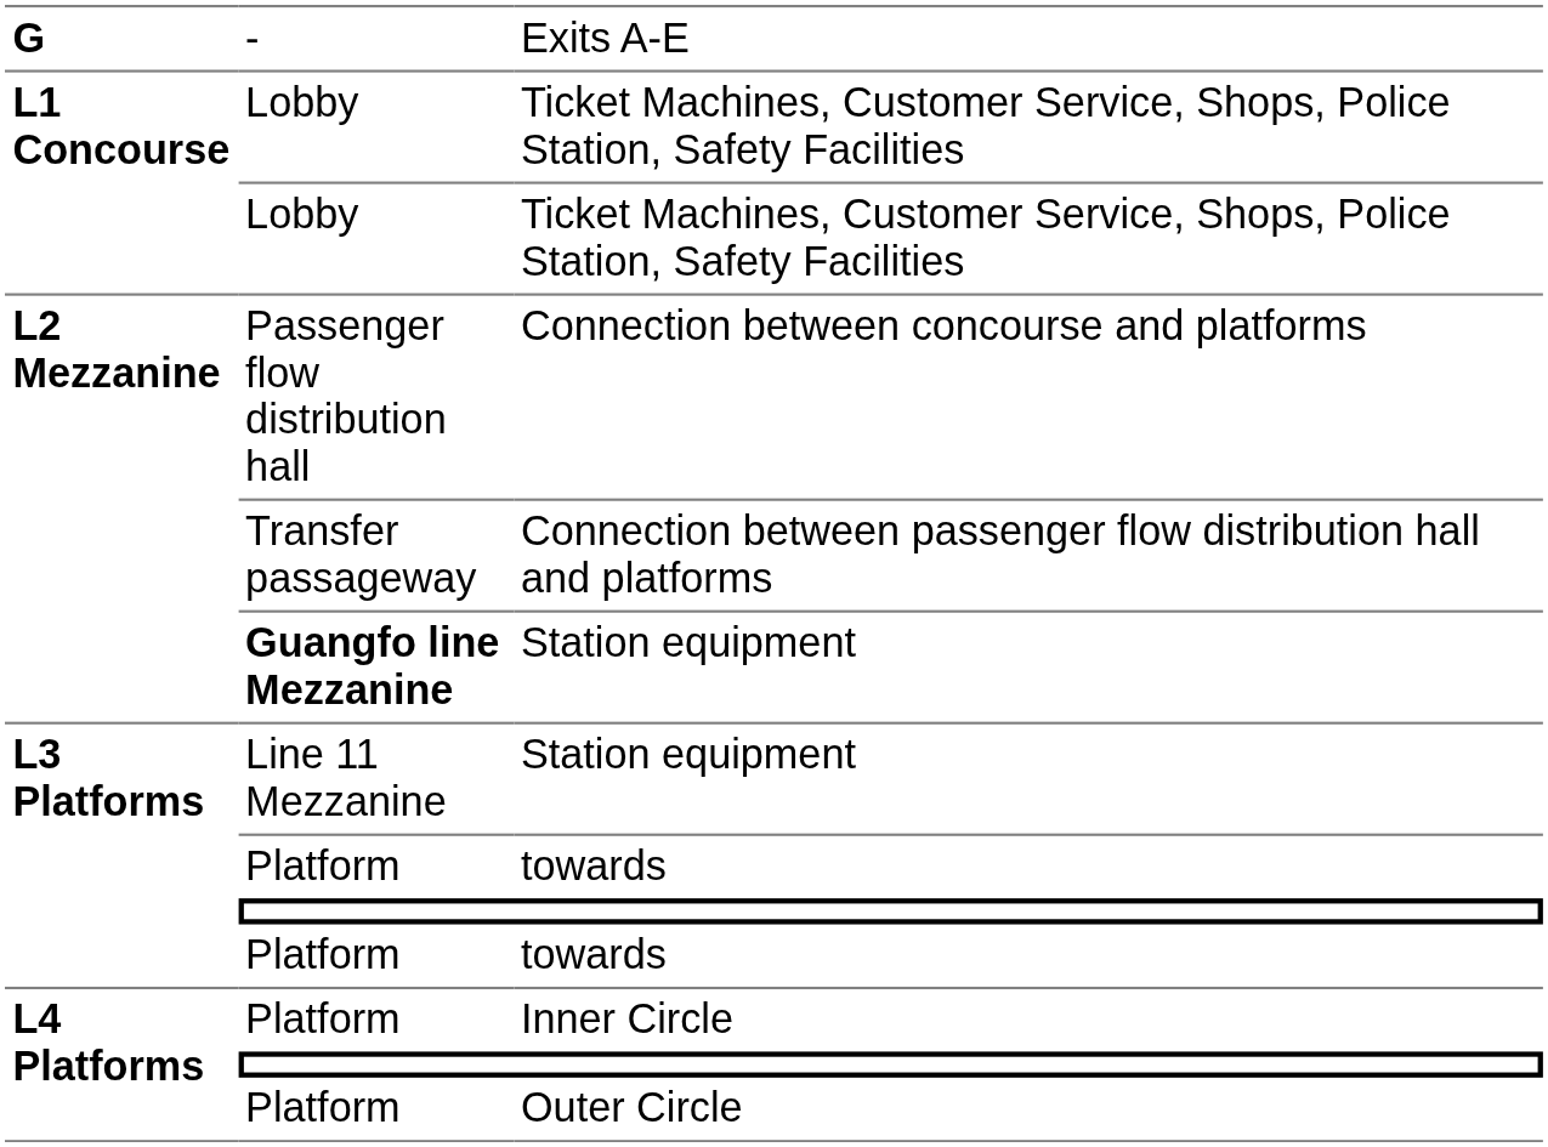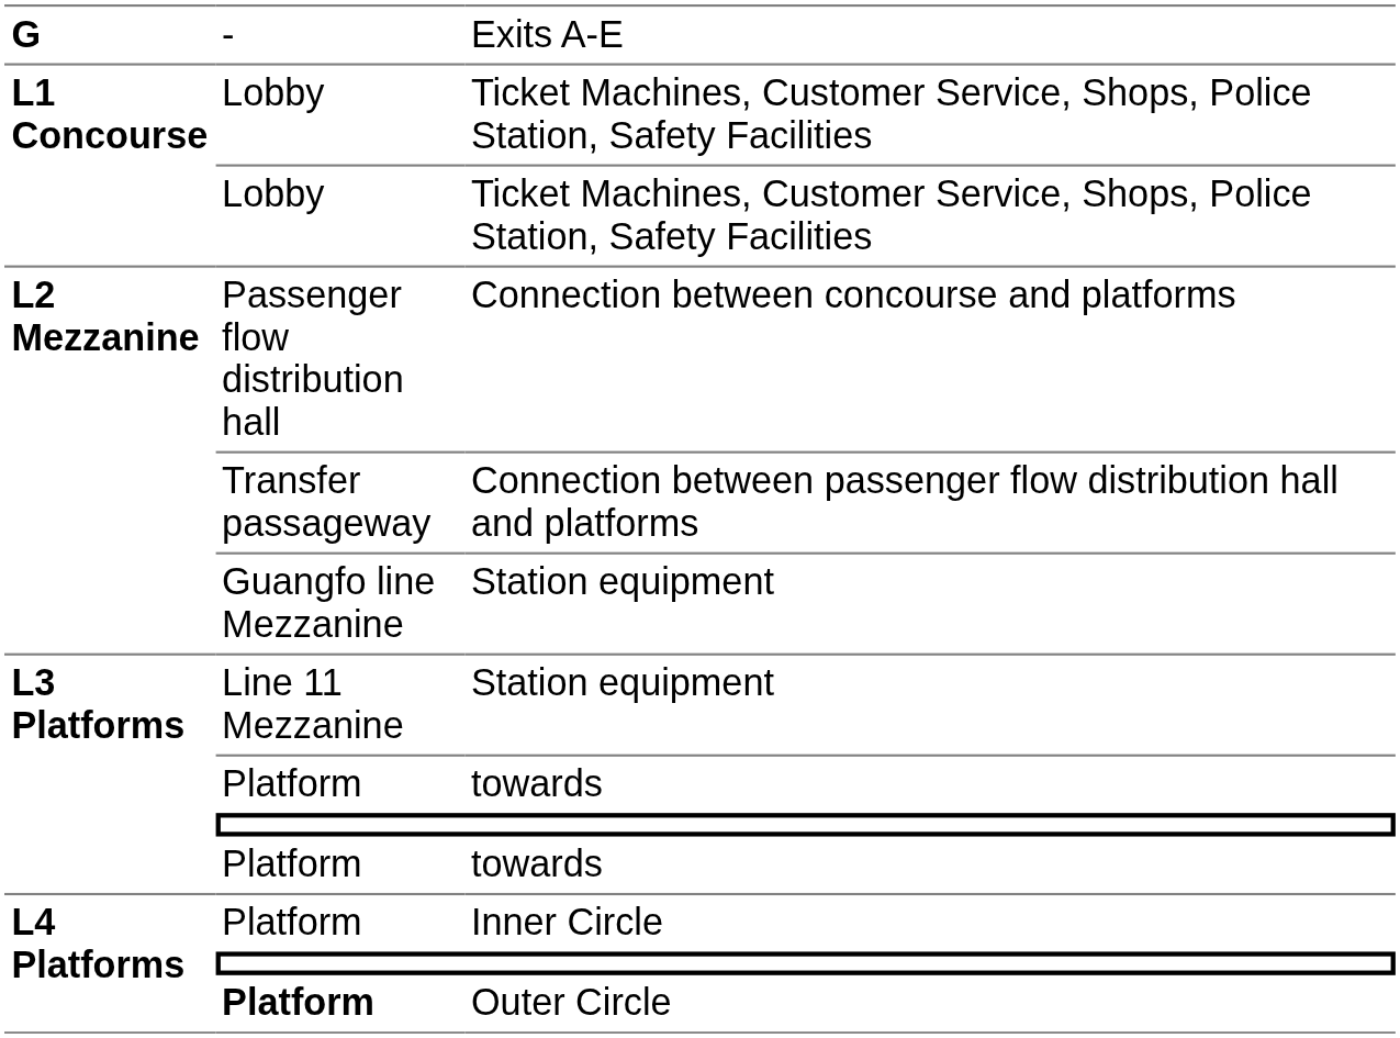 <table table border=0 cellspacing=0 cellpadding=3>
 <tr>
 <td style="border-top:solid 1px gray;" valign=top><strong>G</strong></td>
 <td style="border-top:solid 1px gray;" valign=top>-</td>
 <td style="border-top:solid 1px gray;" valign=top>Exits A-E</td>
 </tr>
 <tr>
 <td style="border-bottom:solid 1px gray; border-top:solid 1px gray;" valign=top width=50 rowspan=2><strong>L1<br>Concourse</strong></td>
 <td style="border-bottom:solid 1px gray; border-top:solid 1px gray;" valign=top width=100> Lobby</td>
 <td style="border-bottom:solid 1px gray; border-top:solid 1px gray;" valign=top width=390>Ticket Machines, Customer Service, Shops, Police Station, Safety Facilities</td>
 </tr>
 <tr>
 <td style="border-bottom:solid 1px gray;" valign=top> Lobby</td>
 <td style="border-bottom:solid 1px gray;" valign=top>Ticket Machines, Customer Service, Shops, Police Station, Safety Facilities</td>
 </tr>
 <tr>
 <td style="border-bottom:solid 1px gray;" valign=top rowspan=3><strong>L2<br>Mezzanine</strong></td>
 <td style="border-bottom:solid 1px gray;" valign=top>Passenger flow distribution hall </td>
 <td style="border-bottom:solid 1px gray;" valign=top>Connection between concourse and platforms</td>
 </tr>
 <tr>
 <td style="border-bottom:solid 1px gray;" valign=top>Transfer passageway</td>
 <td style="border-bottom:solid 1px gray;" valign=top>Connection between  passenger flow distribution hall and  platforms</td>
 </tr>
 <tr>
-<td style="border-bottom:solid 1px gray;" valign=top><strong>Guangfo line Mezzanine</strong></td>
+<td style="border-bottom:solid 1px gray;" valign=top>Guangfo line Mezzanine</td>
 <td style="border-bottom:solid 1px gray;" valign=top>Station equipment</td>
 </tr>
 <tr>
 <td rowspan=4 style="border-bottom:solid 1px gray;" valign=top><strong>L3<br>Platforms</strong></td>
 <td style="border-bottom:solid 1px gray;" valign=top>Line 11 Mezzanine</td>
 <td style="border-bottom:solid 1px gray;" valign=top>Station equipment</td>
 </tr>
 <tr>
 <td>Platform </td>
 <td>  towards  </td>
 </tr>
 <tr>
 <td style="border-right:solid 2px black;border-left:solid 2px black;border-top:solid 2px black;border-bottom:solid 2px black;text-align:center;" colspan=2></td>
 </tr>
 <tr>
 <td style="border-bottom:solid 1px gray;">Platform </td>
 <td style="border-bottom:solid 1px gray;"> towards   </td>
 </tr>
 <tr>
 <td rowspan="3" style="border-bottom:solid 1px gray;" valign=top><strong>L4 Platforms</strong></td>
 <td>Platform </td>
 <td>  Inner Circle </td>
 </tr>
 <tr>
 <td style="border-right:solid 2px black;border-left:solid 2px black;border-top:solid 2px black;border-bottom:solid 2px black;text-align:center;" colspan=2></td>
 </tr>
 <tr>
-<td style="border-bottom:solid 1px gray;">Platform </td>
+<td style="border-bottom:solid 1px gray;"><strong>Platform </strong></td>
 <td style="border-bottom:solid 1px gray;"> Outer Circle  </td>
 </tr>
 </table>
